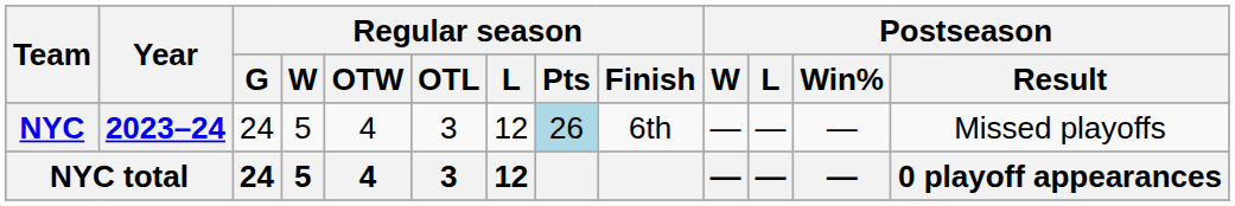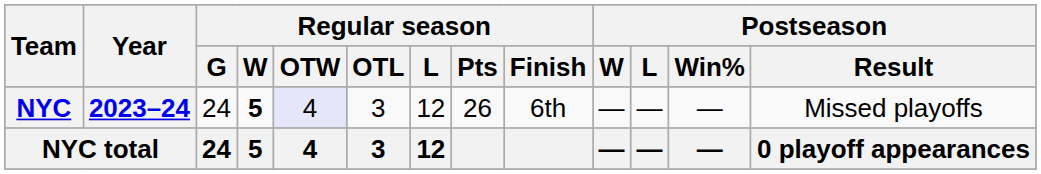 <table class="wikitable" style="font-size:95%; text-align:center;">
 <tr>
 <th rowspan="2">Team</th>
 <th rowspan="2">Year</th>
 <th colspan="7">Regular season</th>
 <th colspan="5">Postseason</th>
 </tr>
 <tr>
 <th>G</th>
 <th>W</th>
 <th>OTW</th>
 <th>OTL</th>
 <th>L</th>
 <th>Pts</th>
 <th>Finish</th>
 <th>W</th>
 <th>L</th>
 <th>Win%</th>
 <th>Result</th>
 </tr>
 <tr>
 <th><a href='#'>NYC</a></th>
 <th><a href='#'>2023–24</a></th>
 <td>24</td>
-<td>5</td>
-<td>4</td>
+<td><strong>5</strong></td>
+<td style="background: lavender;">4</td>
 <td>3</td>
 <td>12</td>
-<td style="background: lightblue;">26</td>
+<td>26</td>
 <td>6th</td>
 <td>—</td>
 <td>—</td>
 <td>—</td>
 <td>Missed playoffs</td>
 </tr>
 <tr>
 <th colspan="2">NYC total</th>
 <th>24</th>
 <th>5</th>
 <th>4</th>
 <th>3</th>
 <th>12</th>
 <th> </th>
 <th> </th>
 <th>—</th>
 <th>—</th>
 <th>—</th>
 <th>0 playoff appearances</th>
 </tr>
 </table>
